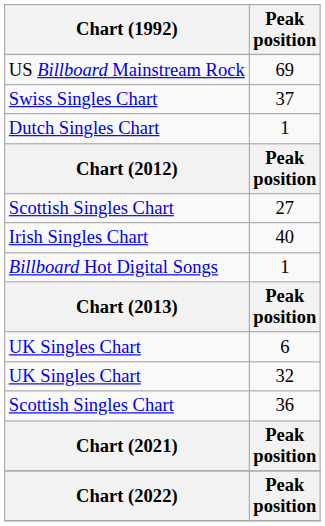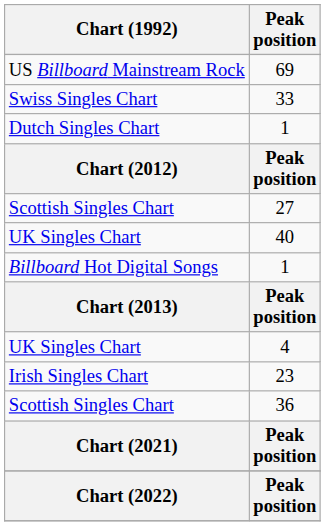 <table class="wikitable">
 <tr>
 <th>Chart (1992)</th>
 <th>Peak<br>position</th>
 </tr>
 <tr>
 </tr>
 <tr>
 <td>US <a href='#'><em>Billboard</em> Mainstream Rock</a></td>
 <td align="center">69</td>
 </tr>
 <tr>
 <td><a href='#'>Swiss Singles Chart</a></td>
-<td align="center">37</td>
+<td align="center">33</td>
 </tr>
 <tr>
 <td><a href='#'>Dutch Singles Chart</a></td>
 <td align="center">1</td>
 </tr>
 <tr>
 <th>Chart (2012)</th>
 <th>Peak<br>position</th>
 </tr>
 <tr>
 <td><a href='#'>Scottish Singles Chart</a></td>
 <td align="center">27</td>
 </tr>
 <tr>
-<td><a href='#'>Irish Singles Chart</a></td>
+<td><a href='#'>UK Singles Chart</a></td>
 <td align="center">40</td>
 </tr>
 <tr>
 <td><a href='#'><em>Billboard</em> Hot Digital Songs</a></td>
 <td align="center">1</td>
 </tr>
 <tr>
 <th>Chart (2013)</th>
 <th>Peak<br>position</th>
 </tr>
 <tr>
 <td><a href='#'>UK Singles Chart</a></td>
-<td align="center">6</td>
+<td align="center">4</td>
 </tr>
 <tr>
-<td><a href='#'>UK Singles Chart</a></td>
-<td align="center">32</td>
+<td><a href='#'>Irish Singles Chart</a></td>
+<td align="center">23</td>
 </tr>
 <tr>
 <td><a href='#'>Scottish Singles Chart</a></td>
 <td align="center">36</td>
 </tr>
 <tr>
 <th>Chart (2021)</th>
 <th>Peak<br>position</th>
 </tr>
 <tr>
 </tr>
 <tr>
 <th>Chart (2022)</th>
 <th>Peak<br>position</th>
 </tr>
 <tr>
 </tr>
 </table>
